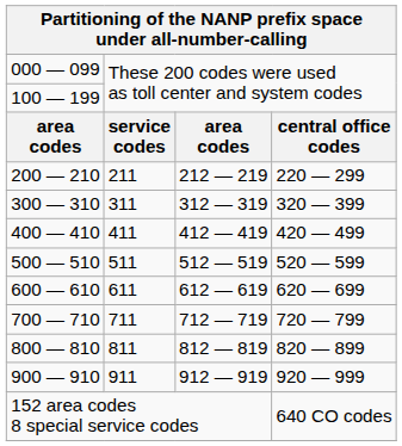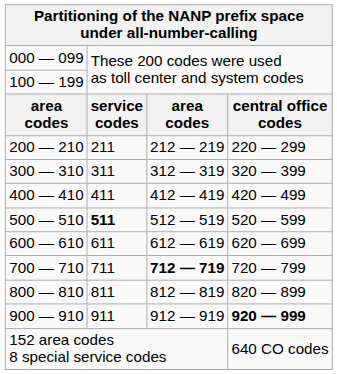 <table class=wikitable style="float:right;">
 <tr>
 <th colspan=4>Partitioning of the NANP prefix space<br>under all-number-calling</th>
 </tr>
 <tr>
 <td>000 — 099</td>
 <td rowspan=2 colspan=4>These 200 codes were used<br> as toll center and system codes</td>
 </tr>
 <tr>
 <td>100 — 199</td>
 </tr>
 <tr>
 <th>area<br>codes</th>
 <th>service<br>codes</th>
 <th>area<br>codes</th>
 <th>central office<br>codes</th>
 </tr>
 <tr>
 <td>200 — 210</td>
 <td>211</td>
 <td>212 — 219</td>
 <td>220 — 299</td>
 </tr>
 <tr>
 <td>300 — 310</td>
 <td>311</td>
 <td>312 — 319</td>
 <td>320 — 399</td>
 </tr>
 <tr>
 <td>400 — 410</td>
 <td>411</td>
 <td>412 — 419</td>
 <td>420 — 499</td>
 </tr>
 <tr>
 <td>500 — 510</td>
-<td>511</td>
+<td><strong>511</strong></td>
 <td>512 — 519</td>
 <td>520 — 599</td>
 </tr>
 <tr>
 <td>600 — 610</td>
 <td>611</td>
 <td>612 — 619</td>
 <td>620 — 699</td>
 </tr>
 <tr>
 <td>700 — 710</td>
 <td>711</td>
-<td>712 — 719</td>
+<td><strong>712 — 719</strong></td>
 <td>720 — 799</td>
 </tr>
 <tr>
 <td>800 — 810</td>
 <td>811</td>
 <td>812 — 819</td>
 <td>820 — 899</td>
 </tr>
 <tr>
 <td>900 — 910</td>
 <td>911</td>
 <td>912 — 919</td>
-<td>920 — 999</td>
+<td><strong>920 — 999</strong></td>
 </tr>
 <tr>
 <td colspan=3>152 area codes<br>8 special service codes</td>
 <td>640 CO codes</td>
 </tr>
 <tr>
 </tr>
 </table>
